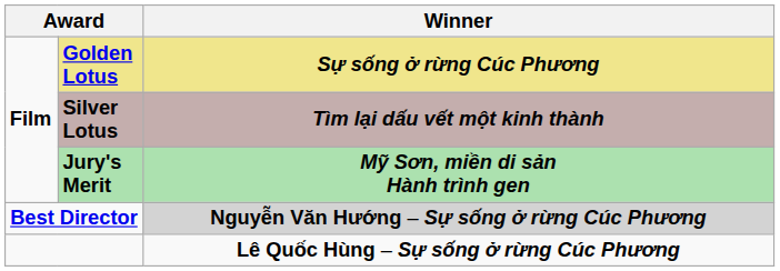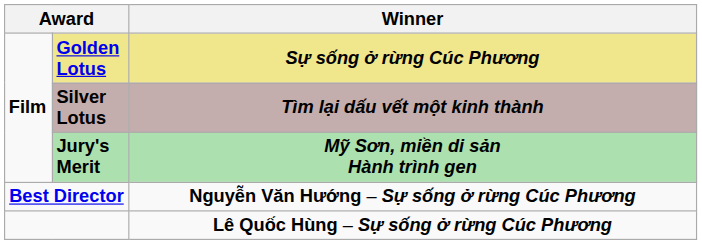 <table class=wikitable>
 <tr>
 <th width="12%" colspan="2">Award</th>
 <th width="76%">Winner</th>
 </tr>
 <tr>
 <td rowspan="3"><strong>Film</strong></td>
 <td style="background:#F0E68C"><strong><a href='#'>Golden Lotus</a></strong></td>
 <td style="background:#F0E68C" align=center><strong><em>Sự sống ở rừng Cúc Phương</em></strong></td>
 </tr>
 <tr>
 <td style="background:#C4AEAD"><strong>Silver Lotus</strong></td>
 <td style="background:#C4AEAD" align=center><strong><em>Tìm lại dấu vết một kinh thành</em></strong></td>
 </tr>
 <tr>
 <td style="background:#ACE1AF"><strong>Jury's Merit</strong></td>
 <td style="background:#ACE1AF" align=center><strong><em>Mỹ Sơn, miền di sản</em></strong><br><strong><em>Hành trình gen</em></strong></td>
 </tr>
 <tr>
 <td colspan="2" align=center><strong><a href='#'>Best Director</a></strong></td>
-<td align=center style="background: lightgrey;"><strong>Nguyễn Văn Hướng</strong> – <strong><em>Sự sống ở rừng Cúc Phương</em></strong></td>
+<td align=center><strong>Nguyễn Văn Hướng</strong> – <strong><em>Sự sống ở rừng Cúc Phương</em></strong></td>
 </tr>
 <tr>
 <td colspan="2" align=center><strong></strong></td>
 <td align=center><strong>Lê Quốc Hùng</strong> – <strong><em>Sự sống ở rừng Cúc Phương</em></strong></td>
 </tr>
 </table>
